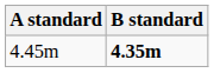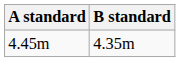 <table class="wikitable" border="1" align="upright">
 <tr>
 <th>A standard</th>
 <th>B standard</th>
 </tr>
 <tr>
 <td>4.45m</td>
-<td><strong>4.35m</strong></td>
+<td>4.35m</td>
 </tr>
 </table>
